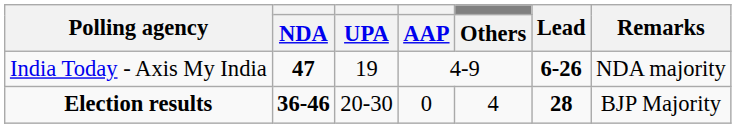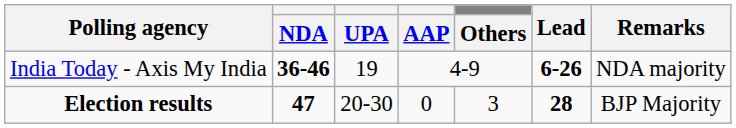 <table class="wikitable sortable" style="text-align:center">
 <tr>
 <th rowspan="2">Polling agency</th>
 <th style="background:"></th>
 <th style="background:"></th>
 <th style="text-align:center; background:"></th>
 <th style="background:gray;"></th>
 <th rowspan="2">Lead</th>
 <th rowspan="2">Remarks</th>
 </tr>
 <tr>
 <th><a href='#'>NDA</a></th>
 <th><a href='#'>UPA</a></th>
 <th><a href='#'>AAP</a></th>
 <th>Others</th>
 </tr>
 <tr>
 <td><a href='#'>India Today</a> - Axis My India</td>
-<td><strong>47</strong></td>
+<td><strong>36-46</strong></td>
 <td style="background:">19</td>
 <td colspan="2">4-9</td>
 <td><strong>6-26</strong></td>
 <td style="background:">NDA majority</td>
 </tr>
 <tr>
 <td style="background:"><strong>Election results</strong></td>
-<td><strong>36-46</strong></td>
+<td><strong>47</strong></td>
 <td>20-30</td>
 <td style="background:">0</td>
-<td style="background:">4</td>
+<td style="background:">3</td>
 <td><strong>28</strong></td>
 <td>BJP Majority</td>
 </tr>
 </table>
